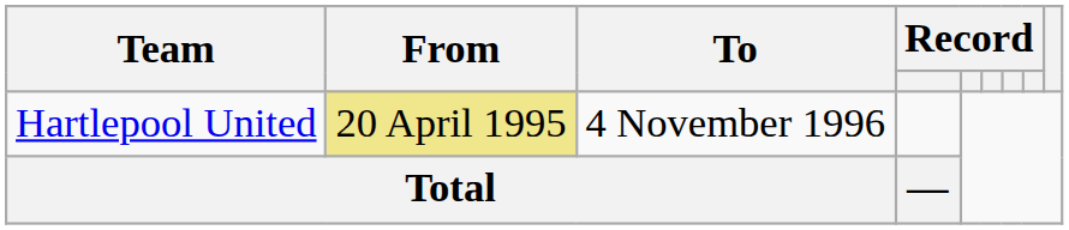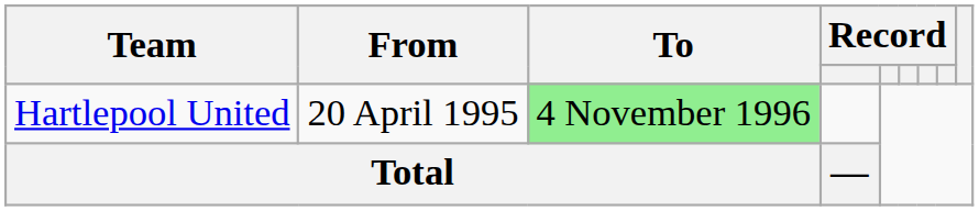 <table class="wikitable" style="text-align: center">
 <tr>
 <th rowspan=2>Team</th>
 <th rowspan=2>From</th>
 <th rowspan=2>To</th>
 <th colspan=5>Record</th>
 <th rowspan=2></th>
 </tr>
 <tr>
 <th></th>
 <th></th>
 <th></th>
 <th></th>
 <th></th>
 </tr>
 <tr>
 <td align=left><a href='#'>Hartlepool United</a></td>
-<td align=left style="background: khaki;">20 April 1995</td>
-<td align=left>4 November 1996<br></td>
+<td align=left>20 April 1995</td>
+<td align=left style="background: lightgreen;">4 November 1996<br></td>
 <td></td>
 </tr>
 <tr>
 <th colspan="3">Total<br></th>
 <th>—</th>
 </tr>
 </table>
